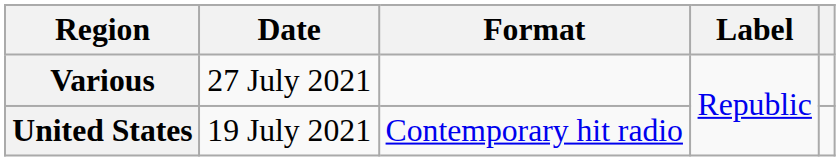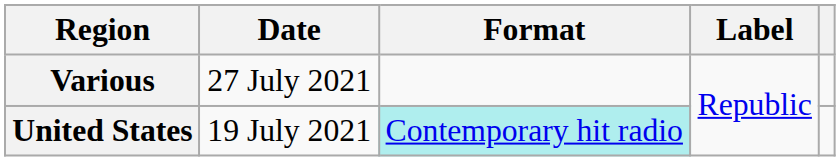 <table class="wikitable plainrowheaders">
 <tr>
 <th scope="col">Region</th>
 <th scope="col">Date</th>
 <th scope="col">Format</th>
 <th scope="col">Label</th>
 <th scope="col"></th>
 </tr>
 <tr>
 <th scope="row">Various</th>
 <td>27 July 2021</td>
 <td></td>
 <td rowspan="2"><a href='#'>Republic</a></td>
 <td></td>
 </tr>
 <tr>
 <th scope="row">United States</th>
 <td>19 July 2021</td>
-<td><a href='#'>Contemporary hit radio</a></td>
+<td style="background: paleturquoise;"><a href='#'>Contemporary hit radio</a></td>
 <td></td>
 </tr>
 </table>
